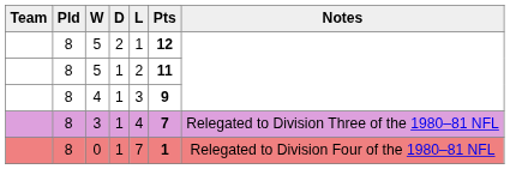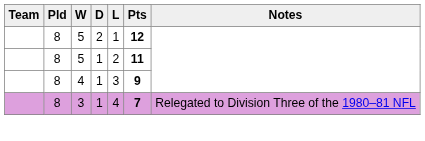 <table style=border-collapse:collapse border=1 cellspacing=0 cellpadding=5>
 <tr align=center bgcolor=#efefef>
 <th>Team</th>
 <th>Pld</th>
 <th>W</th>
 <th>D</th>
 <th>L</th>
 <th>Pts</th>
 <th>Notes</th>
 </tr>
 <tr align=center style="background:#FFFFFF;">
 <td style="text-align:left;"> </td>
 <td>8</td>
 <td>5</td>
 <td>2</td>
 <td>1</td>
 <td><strong>12</strong></td>
 <td rowspan=3></td>
 </tr>
 <tr align=center style="background:#FFFFFF;">
 <td style="text-align:left;"> </td>
 <td>8</td>
 <td>5</td>
 <td>1</td>
 <td>2</td>
 <td><strong>11</strong></td>
 </tr>
 <tr align=center style="background:#FFFFFF;">
 <td style="text-align:left;"> </td>
 <td>8</td>
 <td>4</td>
 <td>1</td>
 <td>3</td>
 <td><strong>9</strong></td>
 </tr>
 <tr align=center style="background:#dda0dd;">
 <td style="text-align:left;"> </td>
 <td>8</td>
 <td>3</td>
 <td>1</td>
 <td>4</td>
 <td><strong>7</strong></td>
 <td rowspan=1>Relegated to Division Three of the <a href='#'>1980–81 NFL</a></td>
 </tr>
-<tr align=center style="background:#F08080">
-<td style="text-align:left;"> </td>
-<td>8</td>
-<td>0</td>
-<td>1</td>
-<td>7</td>
-<td><strong>1</strong></td>
-<td rowspan=1>Relegated to Division Four of the <a href='#'>1980–81 NFL</a></td>
-</tr>
 </table>
